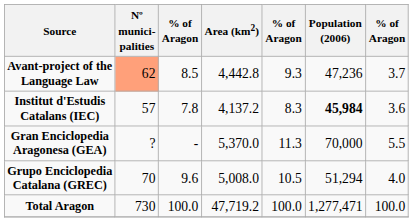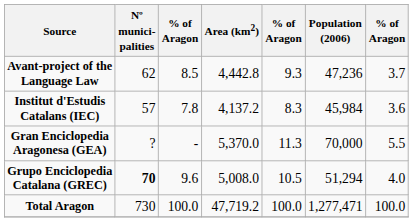 <table class="wikitable" style="text-align:center; border:5">
 <tr>
 <th><small>Source</small></th>
 <th><small>Nº<br>munici-<br>palities</small></th>
 <th><small>% of<br>Aragon </small></th>
 <th><small>Area (km<sup>2</sup>)</small></th>
 <th><small>% of<br>Aragon</small></th>
 <th><small>Population<br>(2006)</small></th>
 <th><small>% of<br>Aragon</small></th>
 </tr>
 <tr>
 <td style="font-size: 90%;"><strong>Avant-project of the<br>Language Law</strong></td>
-<td align="right" style="background: lightsalmon;">62</td>
+<td align="right">62</td>
 <td align="right">8.5</td>
 <td align="right">4,442.8</td>
 <td align="right">9.3</td>
 <td align="right">47,236</td>
 <td align="right">3.7</td>
 </tr>
 <tr>
 <td style="font-size: 90%;"><strong>Institut d'Estudis<br>Catalans (IEC)</strong></td>
 <td align="right">57</td>
 <td align="right">7.8</td>
 <td align="right">4,137.2</td>
 <td align="right">8.3</td>
-<td align="right"><strong>45,984</strong></td>
+<td align="right">45,984</td>
 <td align="right">3.6</td>
 </tr>
 <tr>
 <td style="font-size: 90%;"><strong>Gran Enciclopedia<br>Aragonesa (GEA)</strong></td>
 <td align="right">?</td>
 <td align="right">-</td>
 <td align="right">5,370.0</td>
 <td align="right">11.3</td>
 <td align="right">70,000</td>
 <td align="right">5.5</td>
 </tr>
 <tr>
 <td style="font-size: 90%;"><strong>Grupo Enciclopedia<br>Catalana (GREC)</strong></td>
-<td align="right">70</td>
+<td align="right"><strong>70</strong></td>
 <td align="right">9.6</td>
 <td align="right">5,008.0</td>
 <td align="right">10.5</td>
 <td align="right">51,294</td>
 <td align="right">4.0</td>
 </tr>
 <tr>
 <td style="font-size: 90%;"><strong>Total Aragon</strong></td>
 <td align="right">730</td>
 <td align="right">100.0</td>
 <td align="right">47,719.2</td>
 <td align="right">100.0</td>
 <td align="right">1,277,471</td>
 <td align="right">100.0</td>
 </tr>
 <tr>
 </tr>
 </table>
